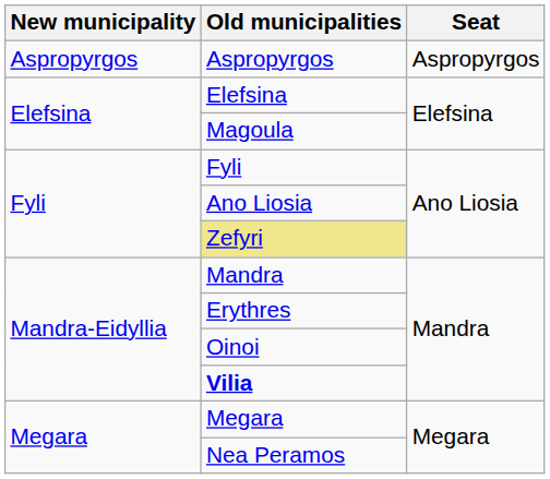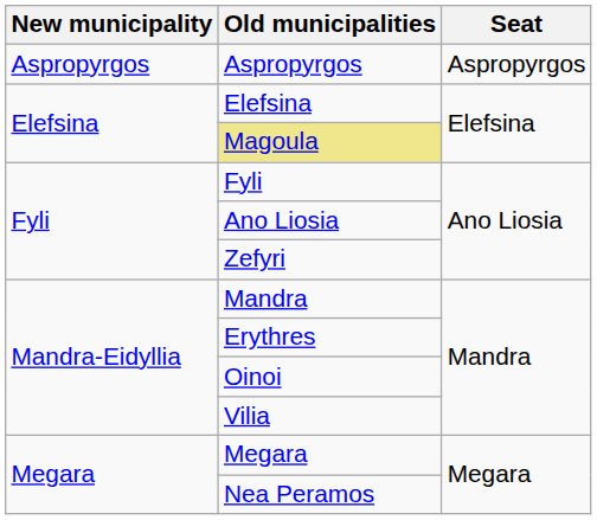 <table class="wikitable">
 <tr>
 <th>New municipality</th>
 <th>Old municipalities</th>
 <th>Seat</th>
 </tr>
 <tr>
 <td><a href='#'>Aspropyrgos</a></td>
 <td><a href='#'>Aspropyrgos</a></td>
 <td>Aspropyrgos</td>
 </tr>
 <tr>
 <td rowspan=2><a href='#'>Elefsina</a></td>
 <td><a href='#'>Elefsina</a></td>
 <td rowspan=2>Elefsina</td>
 </tr>
 <tr>
-<td><a href='#'>Magoula</a></td>
+<td style="background: khaki;"><a href='#'>Magoula</a></td>
 </tr>
 <tr>
 <td rowspan=3><a href='#'>Fyli</a></td>
 <td><a href='#'>Fyli</a></td>
 <td rowspan=3>Ano Liosia</td>
 </tr>
 <tr>
 <td><a href='#'>Ano Liosia</a></td>
 </tr>
 <tr>
-<td style="background: khaki;"><a href='#'>Zefyri</a></td>
+<td><a href='#'>Zefyri</a></td>
 </tr>
 <tr>
 <td rowspan=4><a href='#'>Mandra-Eidyllia</a></td>
 <td><a href='#'>Mandra</a></td>
 <td rowspan=4>Mandra</td>
 </tr>
 <tr>
 <td><a href='#'>Erythres</a></td>
 </tr>
 <tr>
 <td><a href='#'>Oinoi</a></td>
 </tr>
 <tr>
-<td><strong><a href='#'>Vilia</a></strong></td>
+<td><a href='#'>Vilia</a></td>
 </tr>
 <tr>
 <td rowspan=2><a href='#'>Megara</a></td>
 <td><a href='#'>Megara</a></td>
 <td rowspan=2>Megara</td>
 </tr>
 <tr>
 <td><a href='#'>Nea Peramos</a></td>
 </tr>
 </table>
